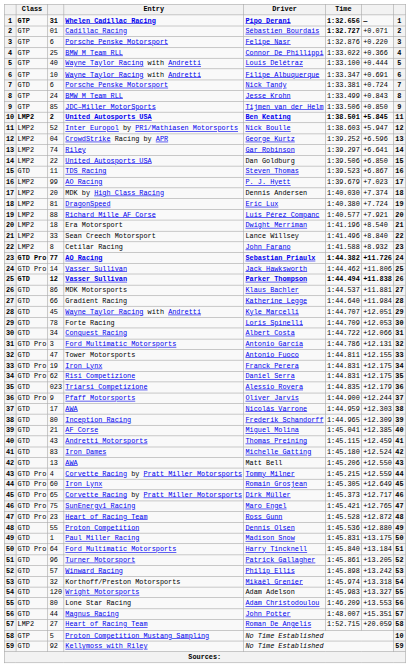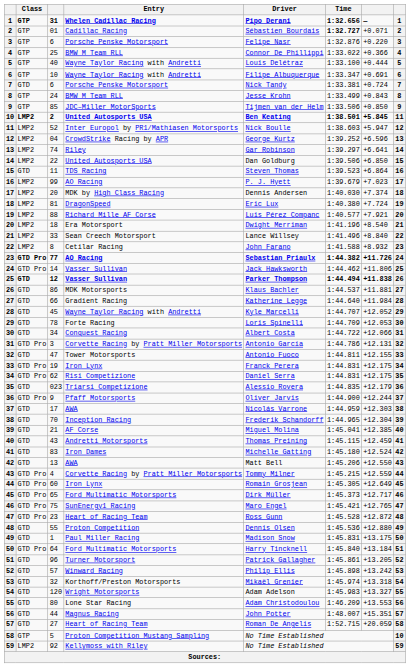 <table class="wikitable" style="font-size: 85%;">
 <tr>
 <th scope="col"></th>
 <th scope="col">Class</th>
 <th scope="col"></th>
 <th scope="col">Entry</th>
 <th scope="col">Driver</th>
 <th scope="col">Time</th>
 <th scope="col"></th>
 <th scope="col"></th>
 </tr>
 <tr style="font-weight:bold">
 <th scope="row">1</th>
 <td>GTP</td>
 <td>31</td>
 <td> <a href='#'>Whelen Cadillac Racing</a></td>
 <td> <a href='#'>Pipo Derani</a></td>
 <td>1:32.656</td>
 <td>—</td>
 <th>1</th>
 </tr>
 <tr>
 <th scope="row">2</th>
 <td>GTP</td>
 <td>01</td>
 <td> <a href='#'>Cadillac Racing</a></td>
 <td> <a href='#'>Sébastien Bourdais</a></td>
 <td><strong>1:32.727</strong></td>
 <td>+0.071</td>
 <th>2</th>
 </tr>
 <tr>
 <th scope="row">3</th>
 <td>GTP</td>
 <td>6</td>
 <td> <a href='#'>Porsche Penske Motorsport</a></td>
 <td> <a href='#'>Felipe Nasr</a></td>
 <td>1:32.876</td>
 <td>+0.220</td>
 <th>3</th>
 </tr>
 <tr>
 <th scope="row">4</th>
 <td>GTP</td>
 <td>25</td>
 <td> <a href='#'>BMW M Team RLL</a></td>
 <td> <a href='#'>Connor De Phillippi</a></td>
 <td>1:33.022</td>
 <td>+0.366</td>
 <th>4</th>
 </tr>
 <tr>
 <th scope="row">5</th>
 <td>GTP</td>
 <td>40</td>
 <td> <a href='#'>Wayne Taylor Racing</a> with <a href='#'>Andretti</a></td>
 <td> <a href='#'>Louis Delétraz</a></td>
 <td>1:33.100</td>
 <td>+0.444</td>
 <th>5</th>
 </tr>
 <tr>
 <th scope="row">6</th>
 <td>GTP</td>
 <td>10</td>
 <td> <a href='#'>Wayne Taylor Racing</a> with <a href='#'>Andretti</a></td>
 <td> <a href='#'>Filipe Albuquerque</a></td>
 <td>1:33.347</td>
 <td>+0.691</td>
 <th>6</th>
 </tr>
 <tr>
 <th scope="row">7</th>
 <td>GTD</td>
 <td>6</td>
 <td> <a href='#'>Porsche Penske Motorsport</a></td>
 <td> <a href='#'>Nick Tandy</a></td>
 <td>1:33.381</td>
 <td>+0.724</td>
 <th>7</th>
 </tr>
 <tr>
 <th scope="row">8</th>
 <td>GTP</td>
 <td>24</td>
 <td> <a href='#'>BMW M Team RLL</a></td>
 <td> <a href='#'>Jesse Krohn</a></td>
 <td>1:33.499</td>
 <td>+0.843</td>
 <th>8</th>
 </tr>
 <tr>
 <th scope=row>9</th>
 <td>GTP</td>
 <td>85</td>
 <td> <a href='#'>JDC–Miller MotorSports</a></td>
 <td nowrap> <a href='#'>Tijmen van der Helm</a></td>
 <td>1:33.506</td>
 <td>+0.850</td>
 <th>9</th>
 </tr>
 <tr style="font-weight:bold">
 <th scope=row>10</th>
 <td>LMP2</td>
 <td>2</td>
 <td> <a href='#'>United Autosports USA</a></td>
 <td> <a href='#'>Ben Keating</a></td>
 <td>1:38.501</td>
 <td>+5.845</td>
 <th>11</th>
 </tr>
 <tr>
 <th scope=row>11</th>
 <td>LMP2</td>
 <td>52</td>
 <td nowrap> <a href='#'>Inter Europol</a> by <a href='#'>PR1/Mathiasen Motorsports</a></td>
 <td> <a href='#'>Nick Boulle</a></td>
 <td>1:38.603</td>
 <td>+5.947</td>
 <th>12</th>
 </tr>
 <tr>
 <th scope=row>12</th>
 <td>LMP2</td>
 <td>04</td>
 <td> <a href='#'>CrowdStrike</a> Racing by <a href='#'>APR</a></td>
 <td> <a href='#'>George Kurtz</a></td>
 <td>1:39.252</td>
 <td>+6.596</td>
 <th>13</th>
 </tr>
 <tr>
 <th scope=row>13</th>
 <td>LMP2</td>
 <td>74</td>
 <td> <a href='#'>Riley</a></td>
 <td> <a href='#'>Gar Robinson</a></td>
 <td>1:39.297</td>
 <td>+6.641</td>
 <th>14</th>
 </tr>
 <tr>
 <th scope=row>14</th>
 <td>LMP2</td>
 <td>22</td>
 <td> <a href='#'>United Autosports USA</a></td>
 <td> Dan Goldburg</td>
 <td>1:39.506</td>
 <td>+6.850</td>
 <th>15</th>
 </tr>
 <tr>
 <th scope=row>15</th>
 <td>GTD</td>
 <td>11</td>
 <td> <a href='#'>TDS Racing</a></td>
 <td> <a href='#'>Steven Thomas</a></td>
 <td>1:39.523</td>
-<td>+6.867</td>
+<td>+6.864</td>
 <th>16</th>
 </tr>
 <tr>
 <th scope=row>16</th>
 <td>LMP2</td>
 <td>99</td>
 <td> <a href='#'>AO Racing</a></td>
 <td> <a href='#'>P. J. Hyett</a></td>
 <td>1:39.679</td>
 <td>+7.023</td>
 <th>17</th>
 </tr>
 <tr>
 <th scope=row>17</th>
 <td>LMP2</td>
 <td>20</td>
 <td> MDK by <a href='#'>High Class Racing</a></td>
 <td> Dennis Andersen</td>
 <td>1:40.030</td>
 <td>+7.374</td>
 <th>18</th>
 </tr>
 <tr>
 <th scope=row>18</th>
 <td>LMP2</td>
 <td>81</td>
 <td> <a href='#'>DragonSpeed</a></td>
 <td> <a href='#'>Eric Lux</a></td>
 <td>1:40.380</td>
 <td>+7.724</td>
 <th>19</th>
 </tr>
 <tr>
 <th scope=row>19</th>
 <td>LMP2</td>
 <td>88</td>
 <td> <a href='#'>Richard Mille AF Corse</a></td>
 <td nowrap> <a href='#'>Luis Pérez Companc</a></td>
 <td>1:40.577</td>
 <td>+7.921</td>
 <th>20</th>
 </tr>
 <tr>
 <th scope=row>20</th>
 <td>LMP2</td>
 <td>18</td>
 <td> Era Motorsport</td>
 <td> <a href='#'>Dwight Merriman</a></td>
 <td>1:41.196</td>
 <td>+8.540</td>
 <th>21</th>
 </tr>
 <tr>
 <th scope=row>21</th>
 <td>LMP2</td>
 <td>33</td>
 <td> Sean Creech Motorsport</td>
 <td> Lance Willsey</td>
 <td>1:41.496</td>
 <td>+8.840</td>
 <th>22</th>
 </tr>
 <tr>
 <th scope=row>22</th>
 <td>LMP2</td>
 <td>8</td>
 <td> Cetilar Racing</td>
 <td> <a href='#'>John Farano</a></td>
 <td>1:41.588</td>
 <td>+8.932</td>
 <th>23</th>
 </tr>
 <tr style="font-weight:bold">
 <th scope=row>23</th>
 <td>GTD Pro</td>
 <td>77</td>
 <td> <a href='#'>AO Racing</a></td>
 <td> <a href='#'>Sebastian Priaulx</a></td>
 <td>1:44.382</td>
 <td>+11.726</td>
 <th>24</th>
 </tr>
 <tr>
 <th scope=row>24</th>
 <td>GTD Pro</td>
 <td>14</td>
 <td> <a href='#'>Vasser Sullivan</a></td>
 <td> <a href='#'>Jack Hawksworth</a></td>
 <td>1:44.462</td>
 <td>+11.806</td>
 <th>25</th>
 </tr>
 <tr style="font-weight:bold">
 <th scope=row>25</th>
 <td>GTD</td>
 <td>12</td>
 <td> <a href='#'>Vasser Sullivan</a></td>
 <td> <a href='#'>Parker Thompson</a></td>
 <td>1:44.494</td>
 <td>+11.838</td>
 <th>26</th>
 </tr>
 <tr>
 <th scope=row>26</th>
 <td>GTD</td>
 <td>86</td>
 <td> MDK Motorsports</td>
 <td> <a href='#'>Klaus Bachler</a></td>
 <td>1:44.537</td>
 <td>+11.881</td>
 <th>27</th>
 </tr>
 <tr>
 <th scope=row>27</th>
 <td>GTD</td>
 <td>66</td>
 <td> Gradient Racing</td>
 <td> <a href='#'>Katherine Legge</a></td>
 <td>1:44.640</td>
 <td>+11.984</td>
 <th>28</th>
 </tr>
 <tr>
 <th scope=row>28</th>
 <td>GTD</td>
 <td>45</td>
 <td> <a href='#'>Wayne Taylor Racing</a> with <a href='#'>Andretti</a></td>
 <td> <a href='#'>Kyle Marcelli</a></td>
 <td>1:44.707</td>
-<td>+12.051</td>
+<td>+12.052</td>
 <th>29</th>
 </tr>
 <tr>
 <th scope=row>29</th>
 <td>GTD</td>
 <td>78</td>
 <td> Forte Racing</td>
 <td> <a href='#'>Loris Spinelli</a></td>
 <td>1:44.709</td>
 <td>+12.053</td>
 <th>30</th>
 </tr>
 <tr>
 <th scope=row>30</th>
 <td>GTD</td>
 <td>34</td>
 <td> <a href='#'>Conquest Racing</a></td>
 <td> <a href='#'>Albert Costa</a></td>
 <td>1:44.722</td>
 <td>+12.066</td>
 <th>31</th>
 </tr>
 <tr>
 <th scope=row>31</th>
 <td>GTD Pro</td>
 <td>3</td>
-<td> <a href='#'>Ford Multimatic Motorsports</a></td>
+<td> <a href='#'>Corvette Racing</a> by <a href='#'>Pratt Miller Motorsports</a></td>
 <td> <a href='#'>Antonio García</a></td>
 <td>1:44.786</td>
 <td>+12.131</td>
 <th>32</th>
 </tr>
 <tr>
 <th scope=row>32</th>
 <td>GTD</td>
 <td>47</td>
 <td> Tower Motorsports</td>
 <td> <a href='#'>Antonio Fuoco</a></td>
 <td>1:44.811</td>
 <td>+12.155</td>
 <th>33</th>
 </tr>
 <tr>
 <th scope=row>33</th>
 <td>GTD Pro</td>
 <td>19</td>
 <td> <a href='#'>Iron Lynx</a></td>
 <td> <a href='#'>Franck Perera</a></td>
 <td>1:44.831</td>
 <td>+12.175</td>
 <th>34</th>
 </tr>
 <tr>
 <th scope=row>34</th>
 <td>GTD Pro</td>
 <td>62</td>
 <td> <a href='#'>Risi Competizione</a></td>
 <td> <a href='#'>Daniel Serra</a></td>
 <td>1:44.831</td>
 <td>+12.175</td>
 <th>35</th>
 </tr>
 <tr>
 <th scope=row>35</th>
 <td>GTD</td>
 <td>023</td>
 <td> <a href='#'>Triarsi Competizione</a></td>
 <td> <a href='#'>Alessio Rovera</a></td>
 <td>1:44.835</td>
 <td>+12.179</td>
 <th>36</th>
 </tr>
 <tr>
 <th scope=row>36</th>
 <td>GTD Pro</td>
 <td>9</td>
 <td> <a href='#'>Pfaff Motorsports</a></td>
 <td> <a href='#'>Oliver Jarvis</a></td>
 <td>1:44.900</td>
 <td>+12.244</td>
 <th>37</th>
 </tr>
 <tr>
 <th scope=row>37</th>
 <td>GTD</td>
 <td>17</td>
 <td> <a href='#'>AWA</a></td>
 <td> <a href='#'>Nicolás Varrone</a></td>
 <td>1:44.959</td>
 <td>+12.303</td>
 <th>38</th>
 </tr>
 <tr>
 <th scope=row>38</th>
 <td>GTD</td>
-<td>80</td>
+<td>70</td>
 <td> <a href='#'>Inception Racing</a></td>
 <td> <a href='#'>Frederik Schandorff</a></td>
 <td>1:44.965</td>
-<td>+12.309</td>
+<td>+12.304</td>
 <th>39</th>
 </tr>
 <tr>
 <th scope=row>39</th>
 <td>GTD</td>
 <td>21</td>
 <td> <a href='#'>AF Corse</a></td>
 <td> <a href='#'>Miguel Molina</a></td>
 <td>1:45.041</td>
 <td>+12.385</td>
 <th>40</th>
 </tr>
 <tr>
 <th scope=row>40</th>
 <td>GTD</td>
 <td>43</td>
 <td> <a href='#'>Andretti Motorsports</a></td>
 <td> <a href='#'>Thomas Preining</a></td>
 <td>1:45.115</td>
 <td>+12.459</td>
 <th>41</th>
 </tr>
 <tr>
 <th scope=row>41</th>
 <td>GTD</td>
 <td>83</td>
 <td> <a href='#'>Iron Dames</a></td>
 <td> <a href='#'>Michelle Gatting</a></td>
 <td>1:45.180</td>
 <td>+12.524</td>
 <th>42</th>
 </tr>
 <tr>
 <th scope=row>42</th>
 <td>GTD</td>
 <td>13</td>
 <td> <a href='#'>AWA</a></td>
 <td> Matt Bell</td>
 <td>1:45.206</td>
 <td>+12.550</td>
 <th>43</th>
 </tr>
 <tr>
 <th scope=row>43</th>
 <td>GTD Pro</td>
 <td>4</td>
 <td> <a href='#'>Corvette Racing</a> by <a href='#'>Pratt Miller Motorsports</a></td>
 <td> <a href='#'>Tommy Milner</a></td>
 <td>1:45.215</td>
 <td>+12.559</td>
 <th>44</th>
 </tr>
 <tr>
 <th scope=row>44</th>
 <td>GTD Pro</td>
 <td>60</td>
 <td> <a href='#'>Iron Lynx</a></td>
 <td> <a href='#'>Romain Grosjean</a></td>
 <td>1:45.305</td>
 <td>+12.649</td>
 <th>45</th>
 </tr>
 <tr>
 <th scope=row>45</th>
 <td>GTD Pro</td>
 <td>65</td>
-<td> <a href='#'>Corvette Racing</a> by <a href='#'>Pratt Miller Motorsports</a></td>
+<td> <a href='#'>Ford Multimatic Motorsports</a></td>
 <td> <a href='#'>Dirk Müller</a></td>
 <td>1:45.373</td>
 <td>+12.717</td>
 <th>46</th>
 </tr>
 <tr>
 <th scope=row>46</th>
 <td>GTD Pro</td>
 <td>75</td>
 <td> <a href='#'>SunEnergy1 Racing</a></td>
 <td> <a href='#'>Maro Engel</a></td>
 <td>1:45.421</td>
 <td>+12.765</td>
 <th>47</th>
 </tr>
 <tr>
 <th scope=row>47</th>
 <td>GTD Pro</td>
 <td>23</td>
 <td> <a href='#'>Heart of Racing Team</a></td>
 <td> <a href='#'>Ross Gunn</a></td>
 <td>1:45.528</td>
 <td>+12.872</td>
 <th>48</th>
 </tr>
 <tr>
 <th scope=row>48</th>
 <td>GTD</td>
 <td>55</td>
 <td> <a href='#'>Proton Competition</a></td>
 <td> <a href='#'>Dennis Olsen</a></td>
 <td>1:45.536</td>
 <td>+12.880</td>
 <th>49</th>
 </tr>
 <tr>
 <th scope=row>49</th>
 <td>GTD</td>
 <td>1</td>
 <td> <a href='#'>Paul Miller Racing</a></td>
 <td> <a href='#'>Madison Snow</a></td>
 <td>1:45.831</td>
 <td>+13.175</td>
 <th>50</th>
 </tr>
 <tr>
 <th scope=row>50</th>
 <td>GTD Pro</td>
 <td>64</td>
 <td> <a href='#'>Ford Multimatic Motorsports</a></td>
 <td> <a href='#'>Harry Tincknell</a></td>
 <td>1:45.840</td>
 <td>+13.184</td>
 <th>51</th>
 </tr>
 <tr>
 <th scope=row>51</th>
 <td>GTD</td>
 <td>96</td>
 <td> <a href='#'>Turner Motorsport</a></td>
 <td> <a href='#'>Patrick Gallagher</a></td>
 <td>1:45.861</td>
 <td>+13.205</td>
 <th>52</th>
 </tr>
 <tr>
 <th scope=row>52</th>
 <td>GTD</td>
 <td>57</td>
 <td> <a href='#'>Winward Racing</a></td>
 <td> <a href='#'>Philip Ellis</a></td>
 <td>1:45.898</td>
 <td>+13.242</td>
 <th>53</th>
 </tr>
 <tr>
 <th scope=row>53</th>
 <td>GTD</td>
 <td>32</td>
 <td> Korthoff/Preston Motorsports</td>
 <td> <a href='#'>Mikaël Grenier</a></td>
 <td>1:45.974</td>
 <td>+13.318</td>
 <th>54</th>
 </tr>
 <tr>
 <th scope=row>54</th>
 <td>GTD</td>
 <td>120</td>
 <td> <a href='#'>Wright Motorsports</a></td>
 <td> Adam Adelson</td>
 <td>1:45.983</td>
 <td>+13.327</td>
 <th>55</th>
 </tr>
 <tr>
 <th scope=row>55</th>
 <td>GTD</td>
 <td>80</td>
 <td> Lone Star Racing</td>
 <td> <a href='#'>Adam Christodoulou</a></td>
 <td>1:46.209</td>
 <td>+13.553</td>
 <th>56</th>
 </tr>
 <tr>
 <th scope=row>56</th>
 <td>GTD</td>
 <td>44</td>
 <td> <a href='#'>Magnus Racing</a></td>
 <td> <a href='#'>John Potter</a></td>
 <td>1:48.007</td>
 <td>+15.351</td>
 <th>57</th>
 </tr>
 <tr>
 <th scope=row>57</th>
-<td>LMP2</td>
+<td>GTD</td>
 <td>27</td>
 <td> <a href='#'>Heart of Racing Team</a></td>
 <td> <a href='#'>Roman De Angelis</a></td>
 <td>1:52.715</td>
 <td>+20.059</td>
 <th>58</th>
 </tr>
 <tr>
 <th scope=row>58</th>
 <td>GTP</td>
 <td>5</td>
 <td> <a href='#'>Proton Competition Mustang Sampling</a></td>
 <td colspan="3"><em>No Time Established</em></td>
 <th>10</th>
 </tr>
 <tr>
 <th scope=row>59</th>
-<td>GTD</td>
+<td>LMP2</td>
 <td>92</td>
 <td> <a href='#'>Kellymoss with Riley</a></td>
 <td colspan="3"><em>No Time Established</em></td>
 <th>59</th>
 </tr>
 <tr>
 <th colspan=8>Sources:</th>
 </tr>
 </table>
